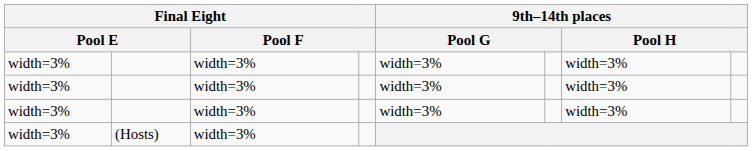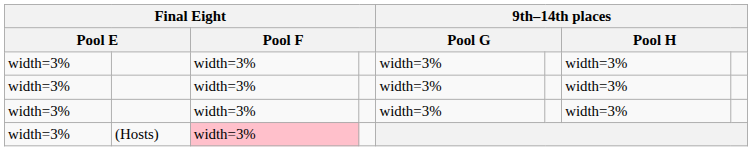 <table class="wikitable" width=800>
 <tr>
 <th width=50% colspan=4>Final Eight</th>
 <th width=50% colspan=4>9th–14th places</th>
 </tr>
 <tr>
 <th width=25% colspan=2>Pool E</th>
 <th width=25% colspan=2>Pool F</th>
 <th width=25% colspan=2>Pool G</th>
 <th width=25% colspan=2>Pool H</th>
 </tr>
 <tr>
 <td>width=3% </td>
 <td></td>
 <td>width=3% </td>
 <td></td>
 <td>width=3% </td>
 <td></td>
 <td>width=3% </td>
 <td></td>
 </tr>
 <tr>
 <td>width=3% </td>
 <td></td>
 <td>width=3% </td>
 <td></td>
 <td>width=3% </td>
 <td></td>
 <td>width=3% </td>
 <td></td>
 </tr>
 <tr>
 <td>width=3% </td>
 <td></td>
 <td>width=3% </td>
 <td></td>
 <td>width=3% </td>
 <td></td>
 <td>width=3% </td>
 <td></td>
 </tr>
 <tr>
 <td>width=3% </td>
 <td> (Hosts)</td>
-<td>width=3% </td>
+<td style="background: pink;">width=3% </td>
 <td></td>
 <th colspan=4></th>
 </tr>
 </table>
